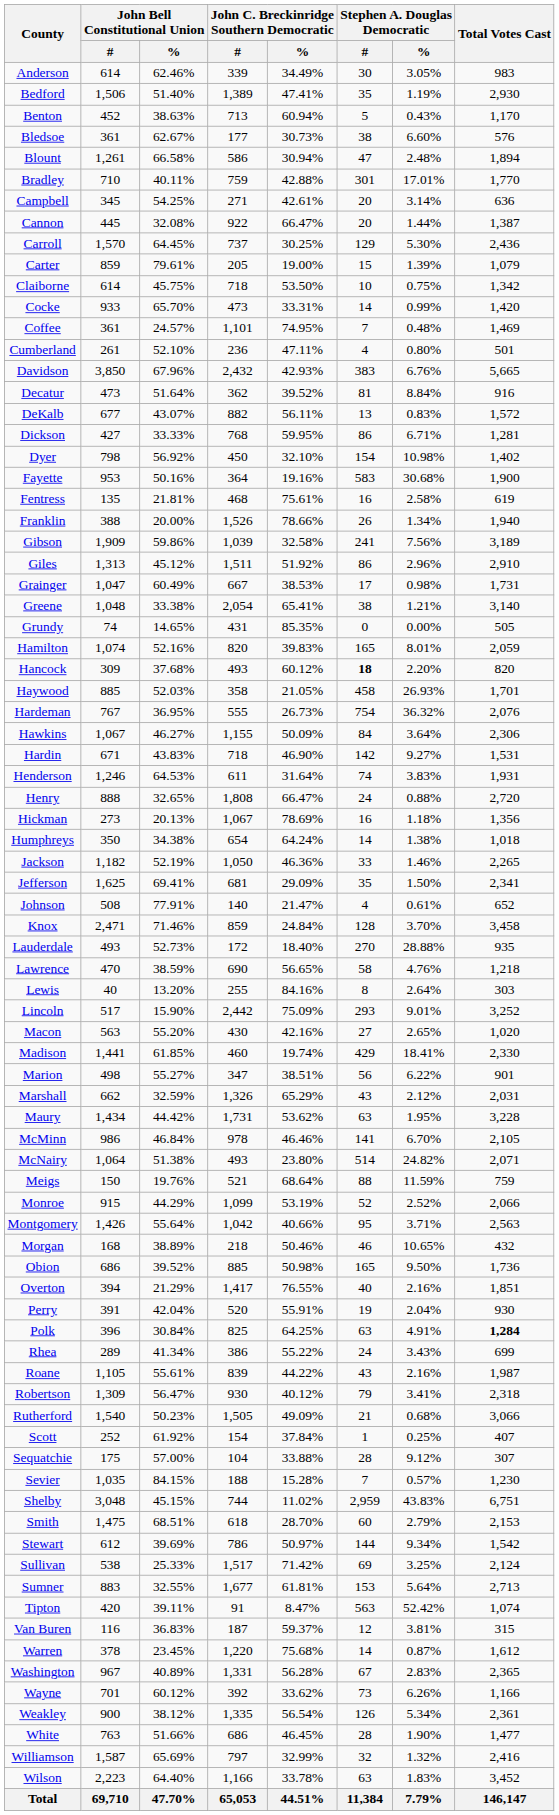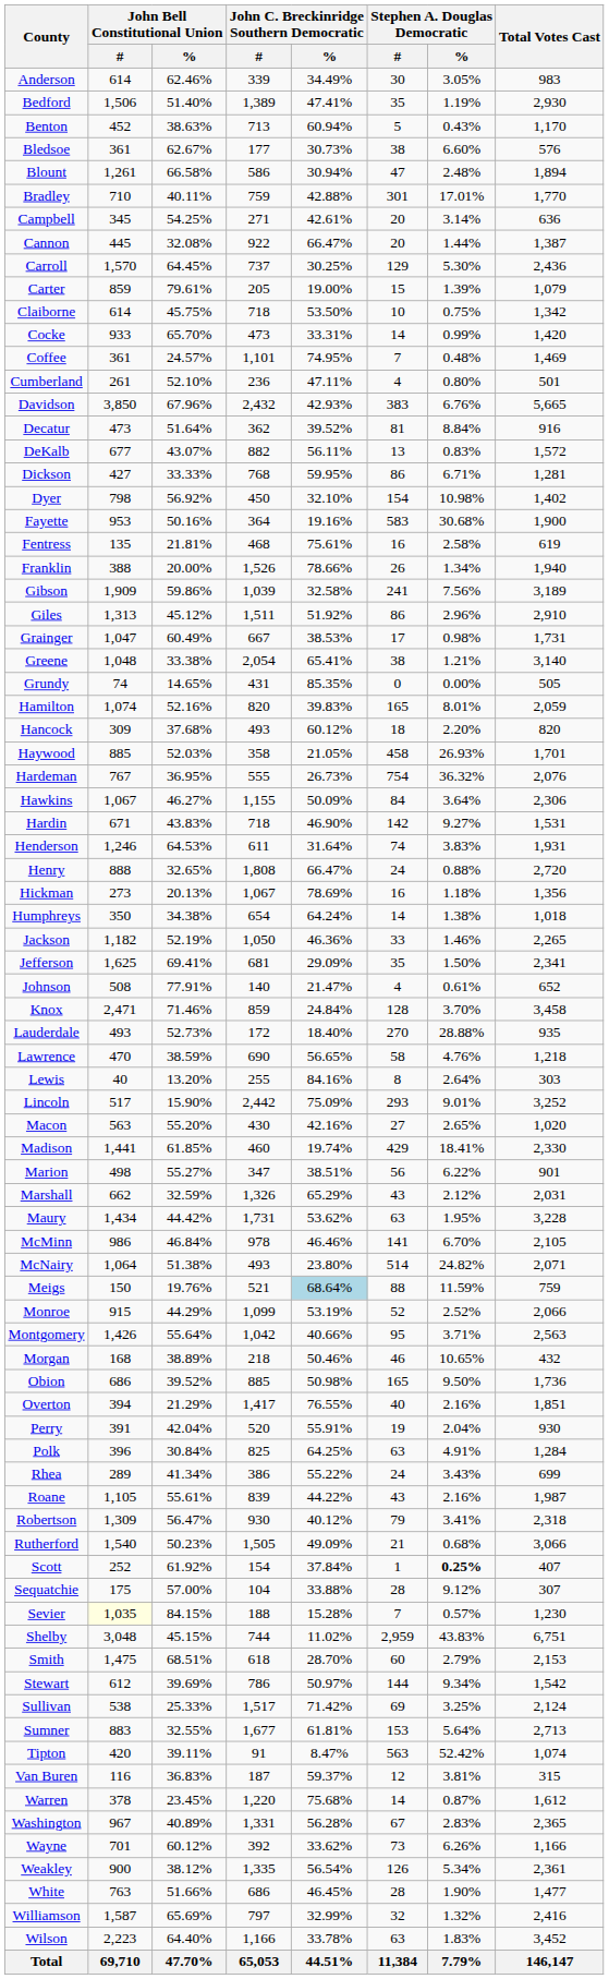 <table class="wikitable sortable">
 <tr>
 <th rowspan="2">County</th>
 <th colspan="2">John Bell<br>Constitutional Union</th>
 <th colspan="2">John C. Breckinridge<br>Southern Democratic</th>
 <th colspan="2">Stephen A. Douglas<br>Democratic</th>
 <th rowspan="2">Total Votes Cast</th>
 </tr>
 <tr style="text-align:center;">
 <th>#</th>
 <th>%</th>
 <th>#</th>
 <th>%</th>
 <th>#</th>
 <th>%</th>
 </tr>
 <tr style="text-align:center;">
 <td><a href='#'>Anderson</a></td>
 <td>614</td>
 <td>62.46%</td>
 <td>339</td>
 <td>34.49%</td>
 <td>30</td>
 <td>3.05%</td>
 <td>983</td>
 </tr>
 <tr style="text-align:center;">
 <td><a href='#'>Bedford</a></td>
 <td>1,506</td>
 <td>51.40%</td>
 <td>1,389</td>
 <td>47.41%</td>
 <td>35</td>
 <td>1.19%</td>
 <td>2,930</td>
 </tr>
 <tr style="text-align:center;">
 <td><a href='#'>Benton</a></td>
 <td>452</td>
 <td>38.63%</td>
 <td>713</td>
 <td>60.94%</td>
 <td>5</td>
 <td>0.43%</td>
 <td>1,170</td>
 </tr>
 <tr style="text-align:center;">
 <td><a href='#'>Bledsoe</a></td>
 <td>361</td>
 <td>62.67%</td>
 <td>177</td>
 <td>30.73%</td>
 <td>38</td>
 <td>6.60%</td>
 <td>576</td>
 </tr>
 <tr style="text-align:center;">
 <td><a href='#'>Blount</a></td>
 <td>1,261</td>
 <td>66.58%</td>
 <td>586</td>
 <td>30.94%</td>
 <td>47</td>
 <td>2.48%</td>
 <td>1,894</td>
 </tr>
 <tr style="text-align:center;">
 <td><a href='#'>Bradley</a></td>
 <td>710</td>
 <td>40.11%</td>
 <td>759</td>
 <td>42.88%</td>
 <td>301</td>
 <td>17.01%</td>
 <td>1,770</td>
 </tr>
 <tr style="text-align:center;">
 <td><a href='#'>Campbell</a></td>
 <td>345</td>
 <td>54.25%</td>
 <td>271</td>
 <td>42.61%</td>
 <td>20</td>
 <td>3.14%</td>
 <td>636</td>
 </tr>
 <tr style="text-align:center;">
 <td><a href='#'>Cannon</a></td>
 <td>445</td>
 <td>32.08%</td>
 <td>922</td>
 <td>66.47%</td>
 <td>20</td>
 <td>1.44%</td>
 <td>1,387</td>
 </tr>
 <tr style="text-align:center;">
 <td><a href='#'>Carroll</a></td>
 <td>1,570</td>
 <td>64.45%</td>
 <td>737</td>
 <td>30.25%</td>
 <td>129</td>
 <td>5.30%</td>
 <td>2,436</td>
 </tr>
 <tr style="text-align:center;">
 <td><a href='#'>Carter</a></td>
 <td>859</td>
 <td>79.61%</td>
 <td>205</td>
 <td>19.00%</td>
 <td>15</td>
 <td>1.39%</td>
 <td>1,079</td>
 </tr>
 <tr style="text-align:center;">
 <td><a href='#'>Claiborne</a></td>
 <td>614</td>
 <td>45.75%</td>
 <td>718</td>
 <td>53.50%</td>
 <td>10</td>
 <td>0.75%</td>
 <td>1,342</td>
 </tr>
 <tr style="text-align:center;">
 <td><a href='#'>Cocke</a></td>
 <td>933</td>
 <td>65.70%</td>
 <td>473</td>
 <td>33.31%</td>
 <td>14</td>
 <td>0.99%</td>
 <td>1,420</td>
 </tr>
 <tr style="text-align:center;">
 <td><a href='#'>Coffee</a></td>
 <td>361</td>
 <td>24.57%</td>
 <td>1,101</td>
 <td>74.95%</td>
 <td>7</td>
 <td>0.48%</td>
 <td>1,469</td>
 </tr>
 <tr style="text-align:center;">
 <td><a href='#'>Cumberland</a></td>
 <td>261</td>
 <td>52.10%</td>
 <td>236</td>
 <td>47.11%</td>
 <td>4</td>
 <td>0.80%</td>
 <td>501</td>
 </tr>
 <tr style="text-align:center;">
 <td><a href='#'>Davidson</a></td>
 <td>3,850</td>
 <td>67.96%</td>
 <td>2,432</td>
 <td>42.93%</td>
 <td>383</td>
 <td>6.76%</td>
 <td>5,665</td>
 </tr>
 <tr style="text-align:center;">
 <td><a href='#'>Decatur</a></td>
 <td>473</td>
 <td>51.64%</td>
 <td>362</td>
 <td>39.52%</td>
 <td>81</td>
 <td>8.84%</td>
 <td>916</td>
 </tr>
 <tr style="text-align:center;">
 <td><a href='#'>DeKalb</a></td>
 <td>677</td>
 <td>43.07%</td>
 <td>882</td>
 <td>56.11%</td>
 <td>13</td>
 <td>0.83%</td>
 <td>1,572</td>
 </tr>
 <tr style="text-align:center;">
 <td><a href='#'>Dickson</a></td>
 <td>427</td>
 <td>33.33%</td>
 <td>768</td>
 <td>59.95%</td>
 <td>86</td>
 <td>6.71%</td>
 <td>1,281</td>
 </tr>
 <tr style="text-align:center;">
 <td><a href='#'>Dyer</a></td>
 <td>798</td>
 <td>56.92%</td>
 <td>450</td>
 <td>32.10%</td>
 <td>154</td>
 <td>10.98%</td>
 <td>1,402</td>
 </tr>
 <tr style="text-align:center;">
 <td><a href='#'>Fayette</a></td>
 <td>953</td>
 <td>50.16%</td>
 <td>364</td>
 <td>19.16%</td>
 <td>583</td>
 <td>30.68%</td>
 <td>1,900</td>
 </tr>
 <tr style="text-align:center;">
 <td><a href='#'>Fentress</a></td>
 <td>135</td>
 <td>21.81%</td>
 <td>468</td>
 <td>75.61%</td>
 <td>16</td>
 <td>2.58%</td>
 <td>619</td>
 </tr>
 <tr style="text-align:center;">
 <td><a href='#'>Franklin</a></td>
 <td>388</td>
 <td>20.00%</td>
 <td>1,526</td>
 <td>78.66%</td>
 <td>26</td>
 <td>1.34%</td>
 <td>1,940</td>
 </tr>
 <tr style="text-align:center;">
 <td><a href='#'>Gibson</a></td>
 <td>1,909</td>
 <td>59.86%</td>
 <td>1,039</td>
 <td>32.58%</td>
 <td>241</td>
 <td>7.56%</td>
 <td>3,189</td>
 </tr>
 <tr style="text-align:center;">
 <td><a href='#'>Giles</a></td>
 <td>1,313</td>
 <td>45.12%</td>
 <td>1,511</td>
 <td>51.92%</td>
 <td>86</td>
 <td>2.96%</td>
 <td>2,910</td>
 </tr>
 <tr style="text-align:center;">
 <td><a href='#'>Grainger</a></td>
 <td>1,047</td>
 <td>60.49%</td>
 <td>667</td>
 <td>38.53%</td>
 <td>17</td>
 <td>0.98%</td>
 <td>1,731</td>
 </tr>
 <tr style="text-align:center;">
 <td><a href='#'>Greene</a></td>
 <td>1,048</td>
 <td>33.38%</td>
 <td>2,054</td>
 <td>65.41%</td>
 <td>38</td>
 <td>1.21%</td>
 <td>3,140</td>
 </tr>
 <tr style="text-align:center;">
 <td><a href='#'>Grundy</a></td>
 <td>74</td>
 <td>14.65%</td>
 <td>431</td>
 <td>85.35%</td>
 <td>0</td>
 <td>0.00%</td>
 <td>505</td>
 </tr>
 <tr style="text-align:center;">
 <td><a href='#'>Hamilton</a></td>
 <td>1,074</td>
 <td>52.16%</td>
 <td>820</td>
 <td>39.83%</td>
 <td>165</td>
 <td>8.01%</td>
 <td>2,059</td>
 </tr>
 <tr style="text-align:center;">
 <td><a href='#'>Hancock</a></td>
 <td>309</td>
 <td>37.68%</td>
 <td>493</td>
 <td>60.12%</td>
-<td><strong>18</strong></td>
+<td>18</td>
 <td>2.20%</td>
 <td>820</td>
 </tr>
 <tr style="text-align:center;">
 <td><a href='#'>Haywood</a></td>
 <td>885</td>
 <td>52.03%</td>
 <td>358</td>
 <td>21.05%</td>
 <td>458</td>
 <td>26.93%</td>
 <td>1,701</td>
 </tr>
 <tr style="text-align:center;">
 <td><a href='#'>Hardeman</a></td>
 <td>767</td>
 <td>36.95%</td>
 <td>555</td>
 <td>26.73%</td>
 <td>754</td>
 <td>36.32%</td>
 <td>2,076</td>
 </tr>
 <tr style="text-align:center;">
 <td><a href='#'>Hawkins</a></td>
 <td>1,067</td>
 <td>46.27%</td>
 <td>1,155</td>
 <td>50.09%</td>
 <td>84</td>
 <td>3.64%</td>
 <td>2,306</td>
 </tr>
 <tr style="text-align:center;">
 <td><a href='#'>Hardin</a></td>
 <td>671</td>
 <td>43.83%</td>
 <td>718</td>
 <td>46.90%</td>
 <td>142</td>
 <td>9.27%</td>
 <td>1,531</td>
 </tr>
 <tr style="text-align:center;">
 <td><a href='#'>Henderson</a></td>
 <td>1,246</td>
 <td>64.53%</td>
 <td>611</td>
 <td>31.64%</td>
 <td>74</td>
 <td>3.83%</td>
 <td>1,931</td>
 </tr>
 <tr style="text-align:center;">
 <td><a href='#'>Henry</a></td>
 <td>888</td>
 <td>32.65%</td>
 <td>1,808</td>
 <td>66.47%</td>
 <td>24</td>
 <td>0.88%</td>
 <td>2,720</td>
 </tr>
 <tr style="text-align:center;">
 <td><a href='#'>Hickman</a></td>
 <td>273</td>
 <td>20.13%</td>
 <td>1,067</td>
 <td>78.69%</td>
 <td>16</td>
 <td>1.18%</td>
 <td>1,356</td>
 </tr>
 <tr style="text-align:center;">
 <td><a href='#'>Humphreys</a></td>
 <td>350</td>
 <td>34.38%</td>
 <td>654</td>
 <td>64.24%</td>
 <td>14</td>
 <td>1.38%</td>
 <td>1,018</td>
 </tr>
 <tr style="text-align:center;">
 <td><a href='#'>Jackson</a></td>
 <td>1,182</td>
 <td>52.19%</td>
 <td>1,050</td>
 <td>46.36%</td>
 <td>33</td>
 <td>1.46%</td>
 <td>2,265</td>
 </tr>
 <tr style="text-align:center;">
 <td><a href='#'>Jefferson</a></td>
 <td>1,625</td>
 <td>69.41%</td>
 <td>681</td>
 <td>29.09%</td>
 <td>35</td>
 <td>1.50%</td>
 <td>2,341</td>
 </tr>
 <tr style="text-align:center;">
 <td><a href='#'>Johnson</a></td>
 <td>508</td>
 <td>77.91%</td>
 <td>140</td>
 <td>21.47%</td>
 <td>4</td>
 <td>0.61%</td>
 <td>652</td>
 </tr>
 <tr style="text-align:center;">
 <td><a href='#'>Knox</a></td>
 <td>2,471</td>
 <td>71.46%</td>
 <td>859</td>
 <td>24.84%</td>
 <td>128</td>
 <td>3.70%</td>
 <td>3,458</td>
 </tr>
 <tr style="text-align:center;">
 <td><a href='#'>Lauderdale</a></td>
 <td>493</td>
 <td>52.73%</td>
 <td>172</td>
 <td>18.40%</td>
 <td>270</td>
 <td>28.88%</td>
 <td>935</td>
 </tr>
 <tr style="text-align:center;">
 <td><a href='#'>Lawrence</a></td>
 <td>470</td>
 <td>38.59%</td>
 <td>690</td>
 <td>56.65%</td>
 <td>58</td>
 <td>4.76%</td>
 <td>1,218</td>
 </tr>
 <tr style="text-align:center;">
 <td><a href='#'>Lewis</a></td>
 <td>40</td>
 <td>13.20%</td>
 <td>255</td>
 <td>84.16%</td>
 <td>8</td>
 <td>2.64%</td>
 <td>303</td>
 </tr>
 <tr style="text-align:center;">
 <td><a href='#'>Lincoln</a></td>
 <td>517</td>
 <td>15.90%</td>
 <td>2,442</td>
 <td>75.09%</td>
 <td>293</td>
 <td>9.01%</td>
 <td>3,252</td>
 </tr>
 <tr style="text-align:center;">
 <td><a href='#'>Macon</a></td>
 <td>563</td>
 <td>55.20%</td>
 <td>430</td>
 <td>42.16%</td>
 <td>27</td>
 <td>2.65%</td>
 <td>1,020</td>
 </tr>
 <tr style="text-align:center;">
 <td><a href='#'>Madison</a></td>
 <td>1,441</td>
 <td>61.85%</td>
 <td>460</td>
 <td>19.74%</td>
 <td>429</td>
 <td>18.41%</td>
 <td>2,330</td>
 </tr>
 <tr style="text-align:center;">
 <td><a href='#'>Marion</a></td>
 <td>498</td>
 <td>55.27%</td>
 <td>347</td>
 <td>38.51%</td>
 <td>56</td>
 <td>6.22%</td>
 <td>901</td>
 </tr>
 <tr style="text-align:center;">
 <td><a href='#'>Marshall</a></td>
 <td>662</td>
 <td>32.59%</td>
 <td>1,326</td>
 <td>65.29%</td>
 <td>43</td>
 <td>2.12%</td>
 <td>2,031</td>
 </tr>
 <tr style="text-align:center;">
 <td><a href='#'>Maury</a></td>
 <td>1,434</td>
 <td>44.42%</td>
 <td>1,731</td>
 <td>53.62%</td>
 <td>63</td>
 <td>1.95%</td>
 <td>3,228</td>
 </tr>
 <tr style="text-align:center;">
 <td><a href='#'>McMinn</a></td>
 <td>986</td>
 <td>46.84%</td>
 <td>978</td>
 <td>46.46%</td>
 <td>141</td>
 <td>6.70%</td>
 <td>2,105</td>
 </tr>
 <tr style="text-align:center;">
 <td><a href='#'>McNairy</a></td>
 <td>1,064</td>
 <td>51.38%</td>
 <td>493</td>
 <td>23.80%</td>
 <td>514</td>
 <td>24.82%</td>
 <td>2,071</td>
 </tr>
 <tr style="text-align:center;">
 <td><a href='#'>Meigs</a></td>
 <td>150</td>
 <td>19.76%</td>
 <td>521</td>
-<td>68.64%</td>
+<td style="background: lightblue;">68.64%</td>
 <td>88</td>
 <td>11.59%</td>
 <td>759</td>
 </tr>
 <tr style="text-align:center;">
 <td><a href='#'>Monroe</a></td>
 <td>915</td>
 <td>44.29%</td>
 <td>1,099</td>
 <td>53.19%</td>
 <td>52</td>
 <td>2.52%</td>
 <td>2,066</td>
 </tr>
 <tr style="text-align:center;">
 <td><a href='#'>Montgomery</a></td>
 <td>1,426</td>
 <td>55.64%</td>
 <td>1,042</td>
 <td>40.66%</td>
 <td>95</td>
 <td>3.71%</td>
 <td>2,563</td>
 </tr>
 <tr style="text-align:center;">
 <td><a href='#'>Morgan</a></td>
 <td>168</td>
 <td>38.89%</td>
 <td>218</td>
 <td>50.46%</td>
 <td>46</td>
 <td>10.65%</td>
 <td>432</td>
 </tr>
 <tr style="text-align:center;">
 <td><a href='#'>Obion</a></td>
 <td>686</td>
 <td>39.52%</td>
 <td>885</td>
 <td>50.98%</td>
 <td>165</td>
 <td>9.50%</td>
 <td>1,736</td>
 </tr>
 <tr style="text-align:center;">
 <td><a href='#'>Overton</a></td>
 <td>394</td>
 <td>21.29%</td>
 <td>1,417</td>
 <td>76.55%</td>
 <td>40</td>
 <td>2.16%</td>
 <td>1,851</td>
 </tr>
 <tr style="text-align:center;">
 <td><a href='#'>Perry</a></td>
 <td>391</td>
 <td>42.04%</td>
 <td>520</td>
 <td>55.91%</td>
 <td>19</td>
 <td>2.04%</td>
 <td>930</td>
 </tr>
 <tr style="text-align:center;">
 <td><a href='#'>Polk</a></td>
 <td>396</td>
 <td>30.84%</td>
 <td>825</td>
 <td>64.25%</td>
 <td>63</td>
 <td>4.91%</td>
-<td><strong>1,284</strong></td>
+<td>1,284</td>
 </tr>
 <tr style="text-align:center;">
 <td><a href='#'>Rhea</a></td>
 <td>289</td>
 <td>41.34%</td>
 <td>386</td>
 <td>55.22%</td>
 <td>24</td>
 <td>3.43%</td>
 <td>699</td>
 </tr>
 <tr style="text-align:center;">
 <td><a href='#'>Roane</a></td>
 <td>1,105</td>
 <td>55.61%</td>
 <td>839</td>
 <td>44.22%</td>
 <td>43</td>
 <td>2.16%</td>
 <td>1,987</td>
 </tr>
 <tr style="text-align:center;">
 <td><a href='#'>Robertson</a></td>
 <td>1,309</td>
 <td>56.47%</td>
 <td>930</td>
 <td>40.12%</td>
 <td>79</td>
 <td>3.41%</td>
 <td>2,318</td>
 </tr>
 <tr style="text-align:center;">
 <td><a href='#'>Rutherford</a></td>
 <td>1,540</td>
 <td>50.23%</td>
 <td>1,505</td>
 <td>49.09%</td>
 <td>21</td>
 <td>0.68%</td>
 <td>3,066</td>
 </tr>
 <tr style="text-align:center;">
 <td><a href='#'>Scott</a></td>
 <td>252</td>
 <td>61.92%</td>
 <td>154</td>
 <td>37.84%</td>
 <td>1</td>
-<td>0.25%</td>
+<td><strong>0.25%</strong></td>
 <td>407</td>
 </tr>
 <tr style="text-align:center;">
 <td><a href='#'>Sequatchie</a></td>
 <td>175</td>
 <td>57.00%</td>
 <td>104</td>
 <td>33.88%</td>
 <td>28</td>
 <td>9.12%</td>
 <td>307</td>
 </tr>
 <tr style="text-align:center;">
 <td><a href='#'>Sevier</a></td>
-<td>1,035</td>
+<td style="background: lightyellow;">1,035</td>
 <td>84.15%</td>
 <td>188</td>
 <td>15.28%</td>
 <td>7</td>
 <td>0.57%</td>
 <td>1,230</td>
 </tr>
 <tr style="text-align:center;">
 <td><a href='#'>Shelby</a></td>
 <td>3,048</td>
 <td>45.15%</td>
 <td>744</td>
 <td>11.02%</td>
 <td>2,959</td>
 <td>43.83%</td>
 <td>6,751</td>
 </tr>
 <tr style="text-align:center;">
 <td><a href='#'>Smith</a></td>
 <td>1,475</td>
 <td>68.51%</td>
 <td>618</td>
 <td>28.70%</td>
 <td>60</td>
 <td>2.79%</td>
 <td>2,153</td>
 </tr>
 <tr style="text-align:center;">
 <td><a href='#'>Stewart</a></td>
 <td>612</td>
 <td>39.69%</td>
 <td>786</td>
 <td>50.97%</td>
 <td>144</td>
 <td>9.34%</td>
 <td>1,542</td>
 </tr>
 <tr style="text-align:center;">
 <td><a href='#'>Sullivan</a></td>
 <td>538</td>
 <td>25.33%</td>
 <td>1,517</td>
 <td>71.42%</td>
 <td>69</td>
 <td>3.25%</td>
 <td>2,124</td>
 </tr>
 <tr style="text-align:center;">
 <td><a href='#'>Sumner</a></td>
 <td>883</td>
 <td>32.55%</td>
 <td>1,677</td>
 <td>61.81%</td>
 <td>153</td>
 <td>5.64%</td>
 <td>2,713</td>
 </tr>
 <tr style="text-align:center;">
 <td><a href='#'>Tipton</a></td>
 <td>420</td>
 <td>39.11%</td>
 <td>91</td>
 <td>8.47%</td>
 <td>563</td>
 <td>52.42%</td>
 <td>1,074</td>
 </tr>
 <tr style="text-align:center;">
 <td><a href='#'>Van Buren</a></td>
 <td>116</td>
 <td>36.83%</td>
 <td>187</td>
 <td>59.37%</td>
 <td>12</td>
 <td>3.81%</td>
 <td>315</td>
 </tr>
 <tr style="text-align:center;">
 <td><a href='#'>Warren</a></td>
 <td>378</td>
 <td>23.45%</td>
 <td>1,220</td>
 <td>75.68%</td>
 <td>14</td>
 <td>0.87%</td>
 <td>1,612</td>
 </tr>
 <tr style="text-align:center;">
 <td><a href='#'>Washington</a></td>
 <td>967</td>
 <td>40.89%</td>
 <td>1,331</td>
 <td>56.28%</td>
 <td>67</td>
 <td>2.83%</td>
 <td>2,365</td>
 </tr>
 <tr style="text-align:center;">
 <td><a href='#'>Wayne</a></td>
 <td>701</td>
 <td>60.12%</td>
 <td>392</td>
 <td>33.62%</td>
 <td>73</td>
 <td>6.26%</td>
 <td>1,166</td>
 </tr>
 <tr style="text-align:center;">
 <td><a href='#'>Weakley</a></td>
 <td>900</td>
 <td>38.12%</td>
 <td>1,335</td>
 <td>56.54%</td>
 <td>126</td>
 <td>5.34%</td>
 <td>2,361</td>
 </tr>
 <tr style="text-align:center;">
 <td><a href='#'>White</a></td>
 <td>763</td>
 <td>51.66%</td>
 <td>686</td>
 <td>46.45%</td>
 <td>28</td>
 <td>1.90%</td>
 <td>1,477</td>
 </tr>
 <tr style="text-align:center;">
 <td><a href='#'>Williamson</a></td>
 <td>1,587</td>
 <td>65.69%</td>
 <td>797</td>
 <td>32.99%</td>
 <td>32</td>
 <td>1.32%</td>
 <td>2,416</td>
 </tr>
 <tr style="text-align:center;">
 <td><a href='#'>Wilson</a></td>
 <td>2,223</td>
 <td>64.40%</td>
 <td>1,166</td>
 <td>33.78%</td>
 <td>63</td>
 <td>1.83%</td>
 <td>3,452</td>
 </tr>
 <tr style="text-align:center;">
 <th>Total</th>
 <th>69,710</th>
 <th>47.70%</th>
 <th>65,053</th>
 <th>44.51%</th>
 <th>11,384</th>
 <th>7.79%</th>
 <th>146,147</th>
 </tr>
 </table>
